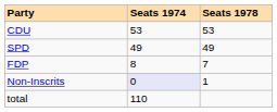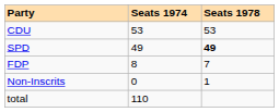 <table class="wikitable">
 <tr>
 <th style="background:#ffdead; width:175px; text-align:left;">Party</th>
 <th style="background:#ffdead; width:100px; text-align:left;">Seats 1974</th>
 <th style="background:#ffdead; width:100px; text-align:left;">Seats 1978</th>
 </tr>
 <tr>
 <td><a href='#'>CDU</a></td>
 <td>53</td>
 <td>53</td>
 </tr>
 <tr>
 <td><a href='#'>SPD</a></td>
 <td>49</td>
-<td>49</td>
+<td><strong>49</strong></td>
 </tr>
 <tr>
 <td><a href='#'>FDP</a></td>
 <td>8</td>
 <td>7</td>
 </tr>
 <tr>
 <td><a href='#'>Non-Inscrits</a></td>
-<td style="background: lavender;">0</td>
+<td>0</td>
 <td>1</td>
 </tr>
 <tr>
 <td>total</td>
 <td>110</td>
 </tr>
 </table>
